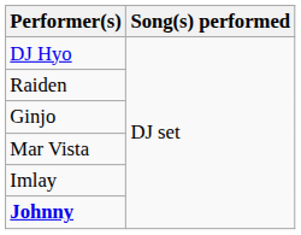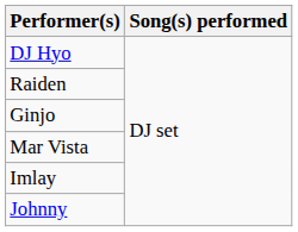 <table class="wikitable plainrowheaders">
 <tr>
 <th scope="col">Performer(s)</th>
 <th scope="col">Song(s) performed</th>
 </tr>
 <tr>
 <td><a href='#'>DJ Hyo</a></td>
 <td rowspan="6">DJ set</td>
 </tr>
 <tr>
 <td>Raiden</td>
 </tr>
 <tr>
 <td>Ginjo</td>
 </tr>
 <tr>
 <td>Mar Vista</td>
 </tr>
 <tr>
 <td>Imlay</td>
 </tr>
 <tr>
-<td><strong><a href='#'>Johnny</a></strong></td>
+<td><a href='#'>Johnny</a></td>
 </tr>
 </table>
